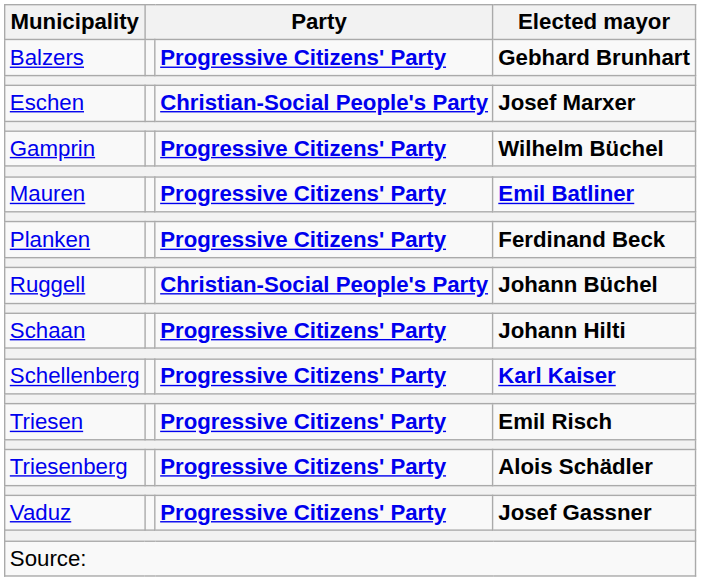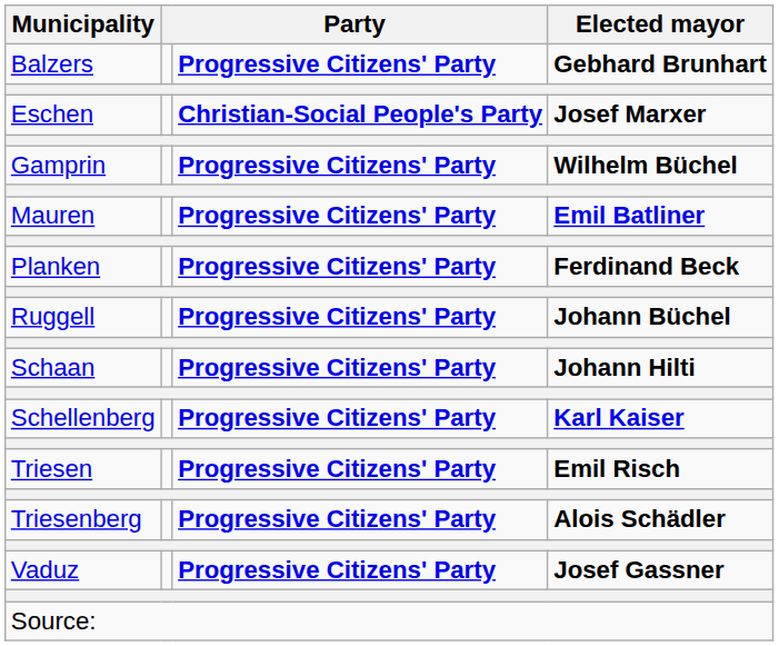 <table class="wikitable" style="text-align:right">
 <tr>
 <th>Municipality</th>
 <th colspan="2">Party</th>
 <th>Elected mayor</th>
 </tr>
 <tr>
 <td align="left"><a href='#'>Balzers</a></td>
 <td style="color:inherit;background:"></td>
 <td align="left"><strong><a href='#'>Progressive Citizens' Party</a></strong></td>
 <td align="left"><strong>Gebhard Brunhart</strong></td>
 </tr>
 <tr>
 <th colspan="4"></th>
 </tr>
 <tr>
 <td align="left"><a href='#'>Eschen</a></td>
 <td style="color:inherit;background:"></td>
 <td align="left"><a href='#'><strong>Christian-Social People's Party</strong></a></td>
 <td align="left"><strong>Josef Marxer</strong></td>
 </tr>
 <tr>
 <th colspan="4"></th>
 </tr>
 <tr>
 <td align="left"><a href='#'>Gamprin</a></td>
 <td style="color:inherit;background:"></td>
 <td align="left"><strong><a href='#'>Progressive Citizens' Party</a></strong></td>
 <td align="left"><strong>Wilhelm Büchel</strong></td>
 </tr>
 <tr>
 <th colspan="4"></th>
 </tr>
 <tr>
 <td align="left"><a href='#'>Mauren</a></td>
 <td style="color:inherit;background:"></td>
 <td align="left"><strong><a href='#'>Progressive Citizens' Party</a></strong></td>
 <td align="left"><strong><a href='#'>Emil Batliner</a></strong></td>
 </tr>
 <tr>
 <th colspan="4"></th>
 </tr>
 <tr>
 <td align="left"><a href='#'>Planken</a></td>
 <td style="color:inherit;background:"></td>
 <td align="left"><strong><a href='#'>Progressive Citizens' Party</a></strong></td>
 <td align="left"><strong>Ferdinand Beck</strong></td>
 </tr>
 <tr>
 <th colspan="4"></th>
 </tr>
 <tr>
 <td align="left"><a href='#'>Ruggell</a></td>
 <td style="color:inherit;background:"></td>
-<td align="left"><a href='#'><strong>Christian-Social People's Party</strong></a></td>
+<td align="left"><strong><a href='#'>Progressive Citizens' Party</a></strong></td>
 <td align="left"><strong>Johann Büchel</strong></td>
 </tr>
 <tr>
 <th colspan="4"></th>
 </tr>
 <tr>
 <td align="left"><a href='#'>Schaan</a></td>
 <td style="color:inherit;background:"></td>
 <td align="left"><strong><a href='#'>Progressive Citizens' Party</a></strong></td>
 <td align="left"><strong>Johann Hilti</strong></td>
 </tr>
 <tr>
 <th colspan="4"></th>
 </tr>
 <tr>
 <td align="left"><a href='#'>Schellenberg</a></td>
 <td style="color:inherit;background:"></td>
 <td align="left"><strong><a href='#'>Progressive Citizens' Party</a></strong></td>
 <td align="left"><strong><a href='#'>Karl Kaiser</a></strong></td>
 </tr>
 <tr>
 <th colspan="4"></th>
 </tr>
 <tr>
 <td align="left"><a href='#'>Triesen</a></td>
 <td style="color:inherit;background:"></td>
 <td align="left"><strong><a href='#'>Progressive Citizens' Party</a></strong></td>
 <td align="left"><strong>Emil Risch</strong></td>
 </tr>
 <tr>
 <th colspan="4"></th>
 </tr>
 <tr>
 <td align="left"><a href='#'>Triesenberg</a></td>
 <td style="color:inherit;background:"></td>
 <td align="left"><strong><a href='#'>Progressive Citizens' Party</a></strong></td>
 <td align="left"><strong>Alois Schädler</strong></td>
 </tr>
 <tr>
 <th colspan="4"></th>
 </tr>
 <tr>
 <td align="left"><a href='#'>Vaduz</a></td>
 <td style="color:inherit;background:"></td>
 <td align="left"><strong><a href='#'>Progressive Citizens' Party</a></strong></td>
 <td align="left"><strong>Josef Gassner</strong></td>
 </tr>
 <tr>
 <th colspan="4"></th>
 </tr>
 <tr>
 <td colspan="4" align="left">Source: </td>
 </tr>
 </table>
